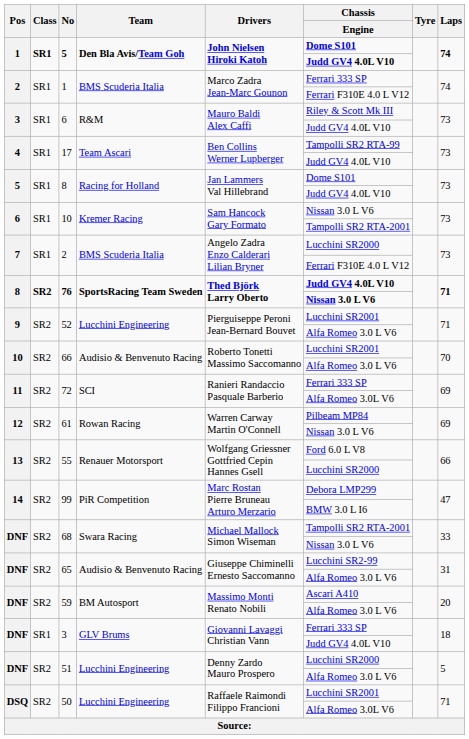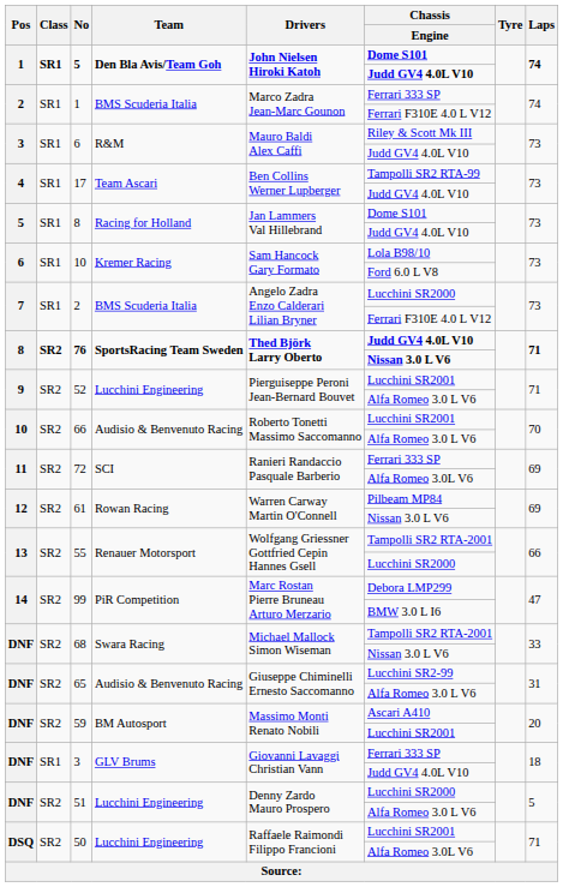 <table class="wikitable">
 <tr>
 <th rowspan="2">Pos</th>
 <th rowspan="2">Class</th>
 <th rowspan="2">No</th>
 <th rowspan="2">Team</th>
 <th rowspan="2">Drivers</th>
 <th>Chassis</th>
 <th rowspan="2">Tyre</th>
 <th rowspan="2">Laps</th>
 </tr>
 <tr>
 <th>Engine</th>
 </tr>
 <tr>
 <th rowspan="2">1</th>
 <td rowspan="2"><strong>SR1</strong></td>
 <td rowspan="2"><strong>5</strong></td>
 <td rowspan="2"><strong> Den Bla Avis/<a href='#'>Team Goh</a></strong></td>
 <td rowspan="2"><strong> <a href='#'>John Nielsen</a><br> <a href='#'>Hiroki Katoh</a></strong></td>
 <td><strong><a href='#'>Dome S101</a></strong></td>
 <td rowspan="2"></td>
 <td rowspan="2"><strong>74</strong></td>
 </tr>
 <tr>
 <td><strong><a href='#'>Judd GV4</a> 4.0L V10</strong></td>
 </tr>
 <tr>
 <th rowspan="2">2</th>
 <td rowspan="2">SR1</td>
 <td rowspan="2">1</td>
 <td rowspan="2"> <a href='#'>BMS Scuderia Italia</a></td>
 <td rowspan="2"> Marco Zadra<br> <a href='#'>Jean-Marc Gounon</a></td>
 <td><a href='#'>Ferrari 333 SP</a></td>
 <td rowspan="2"></td>
 <td rowspan="2">74</td>
 </tr>
 <tr>
 <td><a href='#'>Ferrari</a> F310E 4.0 L V12</td>
 </tr>
 <tr>
 <th rowspan="2">3</th>
 <td rowspan="2">SR1</td>
 <td rowspan="2">6</td>
 <td rowspan="2"> R&M</td>
 <td rowspan="2"> <a href='#'>Mauro Baldi</a><br> <a href='#'>Alex Caffi</a></td>
 <td><a href='#'>Riley & Scott Mk III</a></td>
 <td rowspan="2"></td>
 <td rowspan="2">73</td>
 </tr>
 <tr>
 <td><a href='#'>Judd GV4</a> 4.0L V10</td>
 </tr>
 <tr>
 <th rowspan="2">4</th>
 <td rowspan="2">SR1</td>
 <td rowspan="2">17</td>
 <td rowspan="2"> <a href='#'>Team Ascari</a></td>
 <td rowspan="2"> <a href='#'>Ben Collins</a><br> <a href='#'>Werner Lupberger</a></td>
 <td><a href='#'>Tampolli SR2 RTA-99</a></td>
 <td rowspan="2"></td>
 <td rowspan="2">73</td>
 </tr>
 <tr>
 <td><a href='#'>Judd GV4</a> 4.0L V10</td>
 </tr>
 <tr>
 <th rowspan="2">5</th>
 <td rowspan="2">SR1</td>
 <td rowspan="2">8</td>
 <td rowspan="2"> <a href='#'>Racing for Holland</a></td>
 <td rowspan="2"> <a href='#'>Jan Lammers</a><br> Val Hillebrand</td>
 <td><a href='#'>Dome S101</a></td>
 <td rowspan="2"></td>
 <td rowspan="2">73</td>
 </tr>
 <tr>
 <td><a href='#'>Judd GV4</a> 4.0L V10</td>
 </tr>
 <tr>
 <th rowspan="2">6</th>
 <td rowspan="2">SR1</td>
 <td rowspan="2">10</td>
 <td rowspan="2"> <a href='#'>Kremer Racing</a></td>
 <td rowspan="2"> <a href='#'>Sam Hancock</a><br> <a href='#'>Gary Formato</a></td>
-<td><a href='#'>Nissan</a> 3.0 L V6</td>
+<td><a href='#'>Lola B98/10</a></td>
 <td rowspan="2"></td>
 <td rowspan="2">73</td>
 </tr>
 <tr>
-<td><a href='#'>Tampolli SR2 RTA-2001</a></td>
+<td><a href='#'>Ford</a> 6.0 L V8</td>
 </tr>
 <tr>
 <th rowspan="2">7</th>
 <td rowspan="2">SR1</td>
 <td rowspan="2">2</td>
 <td rowspan="2"> <a href='#'>BMS Scuderia Italia</a></td>
 <td rowspan="2"> Angelo Zadra<br> <a href='#'>Enzo Calderari</a><br> <a href='#'>Lilian Bryner</a></td>
 <td><a href='#'>Lucchini SR2000</a></td>
 <td rowspan="2"></td>
 <td rowspan="2">73</td>
 </tr>
 <tr>
 <td><a href='#'>Ferrari</a> F310E 4.0 L V12</td>
 </tr>
 <tr>
 <th rowspan="2">8</th>
 <td rowspan="2"><strong>SR2</strong></td>
 <td rowspan="2"><strong>76</strong></td>
 <td rowspan="2"><strong> SportsRacing Team Sweden</strong></td>
 <td rowspan="2"><strong> <a href='#'>Thed Björk</a><br> Larry Oberto</strong></td>
 <td><strong><a href='#'>Judd GV4</a> 4.0L V10</strong></td>
 <td rowspan="2"></td>
 <td rowspan="2"><strong>71</strong></td>
 </tr>
 <tr>
 <td><strong><a href='#'>Nissan</a> 3.0 L V6</strong></td>
 </tr>
 <tr>
 <th rowspan="2">9</th>
 <td rowspan="2">SR2</td>
 <td rowspan="2">52</td>
 <td rowspan="2"> <a href='#'>Lucchini Engineering</a></td>
 <td rowspan="2"> Pierguiseppe Peroni<br> Jean-Bernard Bouvet</td>
 <td><a href='#'>Lucchini SR2001</a></td>
 <td rowspan="2"></td>
 <td rowspan="2">71</td>
 </tr>
 <tr>
 <td><a href='#'>Alfa Romeo</a> 3.0 L V6</td>
 </tr>
 <tr>
 <th rowspan="2">10</th>
 <td rowspan="2">SR2</td>
 <td rowspan="2">66</td>
 <td rowspan="2"> Audisio & Benvenuto Racing</td>
 <td rowspan="2"> Roberto Tonetti<br> Massimo Saccomanno</td>
 <td><a href='#'>Lucchini SR2001</a></td>
 <td rowspan="2"></td>
 <td rowspan="2">70</td>
 </tr>
 <tr>
 <td><a href='#'>Alfa Romeo</a> 3.0 L V6</td>
 </tr>
 <tr>
 <th rowspan="2">11</th>
 <td rowspan="2">SR2</td>
 <td rowspan="2">72</td>
 <td rowspan="2"> SCI</td>
 <td rowspan="2"> Ranieri Randaccio<br> Pasquale Barberio</td>
 <td><a href='#'>Ferrari 333 SP</a></td>
 <td rowspan="2"></td>
 <td rowspan="2">69</td>
 </tr>
 <tr>
 <td><a href='#'>Alfa Romeo</a> 3.0L V6</td>
 </tr>
 <tr>
 <th rowspan="2">12</th>
 <td rowspan="2">SR2</td>
 <td rowspan="2">61</td>
 <td rowspan="2"> Rowan Racing</td>
 <td rowspan="2"> Warren Carway<br> Martin O'Connell</td>
 <td><a href='#'>Pilbeam MP84</a></td>
 <td rowspan="2"></td>
 <td rowspan="2">69</td>
 </tr>
 <tr>
 <td><a href='#'>Nissan</a> 3.0 L V6</td>
 </tr>
 <tr>
 <th rowspan="2">13</th>
 <td rowspan="2">SR2</td>
 <td rowspan="2">55</td>
 <td rowspan="2"> Renauer Motorsport</td>
 <td rowspan="2"> Wolfgang Griessner<br> Gottfried Cepin<br> Hannes Gsell</td>
-<td><a href='#'>Ford</a> 6.0 L V8</td>
+<td><a href='#'>Tampolli SR2 RTA-2001</a></td>
 <td rowspan="2"></td>
 <td rowspan="2">66</td>
 </tr>
 <tr>
 <td><a href='#'>Lucchini SR2000</a></td>
 </tr>
 <tr>
 <th rowspan="2">14</th>
 <td rowspan="2">SR2</td>
 <td rowspan="2">99</td>
 <td rowspan="2"> PiR Competition</td>
 <td rowspan="2"> <a href='#'>Marc Rostan</a><br> Pierre Bruneau<br> <a href='#'>Arturo Merzario</a></td>
 <td><a href='#'>Debora LMP299</a></td>
 <td rowspan="2"></td>
 <td rowspan="2">47</td>
 </tr>
 <tr>
 <td><a href='#'>BMW</a> 3.0 L I6</td>
 </tr>
 <tr>
 <th rowspan="2">DNF</th>
 <td rowspan="2">SR2</td>
 <td rowspan="2">68</td>
 <td rowspan="2"> Swara Racing</td>
 <td rowspan="2"> <a href='#'>Michael Mallock</a><br> Simon Wiseman</td>
 <td><a href='#'>Tampolli SR2 RTA-2001</a></td>
 <td rowspan="2"></td>
 <td rowspan="2">33</td>
 </tr>
 <tr>
 <td><a href='#'>Nissan</a> 3.0 L V6</td>
 </tr>
 <tr>
 <th rowspan="2">DNF</th>
 <td rowspan="2">SR2</td>
 <td rowspan="2">65</td>
 <td rowspan="2"> Audisio & Benvenuto Racing</td>
 <td rowspan="2"> Giuseppe Chiminelli<br> Ernesto Saccomanno</td>
 <td><a href='#'>Lucchini SR2-99</a></td>
 <td rowspan="2"></td>
 <td rowspan="2">31</td>
 </tr>
 <tr>
 <td><a href='#'>Alfa Romeo</a> 3.0 L V6</td>
 </tr>
 <tr>
 <th rowspan="2">DNF</th>
 <td rowspan="2">SR2</td>
 <td rowspan="2">59</td>
 <td rowspan="2"> BM Autosport</td>
 <td rowspan="2"> <a href='#'>Massimo Monti</a><br> Renato Nobili</td>
 <td><a href='#'>Ascari A410</a></td>
 <td rowspan="2"></td>
 <td rowspan="2">20</td>
 </tr>
 <tr>
-<td><a href='#'>Alfa Romeo</a> 3.0 L V6</td>
+<td><a href='#'>Lucchini SR2001</a></td>
 </tr>
 <tr>
 <th rowspan="2">DNF</th>
 <td rowspan="2">SR1</td>
 <td rowspan="2">3</td>
 <td rowspan="2"> <a href='#'>GLV Brums</a></td>
 <td rowspan="2"> <a href='#'>Giovanni Lavaggi</a><br> Christian Vann</td>
 <td><a href='#'>Ferrari 333 SP</a></td>
 <td rowspan="2"></td>
 <td rowspan="2">18</td>
 </tr>
 <tr>
 <td><a href='#'>Judd GV4</a> 4.0L V10</td>
 </tr>
 <tr>
 <th rowspan="2">DNF</th>
 <td rowspan="2">SR2</td>
 <td rowspan="2">51</td>
 <td rowspan="2"> <a href='#'>Lucchini Engineering</a></td>
 <td rowspan="2"> Denny Zardo<br> Mauro Prospero</td>
 <td><a href='#'>Lucchini SR2000</a></td>
 <td rowspan="2"></td>
 <td rowspan="2">5</td>
 </tr>
 <tr>
 <td><a href='#'>Alfa Romeo</a> 3.0 L V6</td>
 </tr>
 <tr>
 <th rowspan="2">DSQ</th>
 <td rowspan="2">SR2</td>
 <td rowspan="2">50</td>
 <td rowspan="2"> <a href='#'>Lucchini Engineering</a></td>
 <td rowspan="2"> Raffaele Raimondi<br> Filippo Francioni</td>
 <td><a href='#'>Lucchini SR2001</a></td>
 <td rowspan="2"></td>
 <td rowspan="2">71</td>
 </tr>
 <tr>
 <td><a href='#'>Alfa Romeo</a> 3.0L V6</td>
 </tr>
 <tr>
 <th colspan="8">Source:</th>
 </tr>
 </table>
